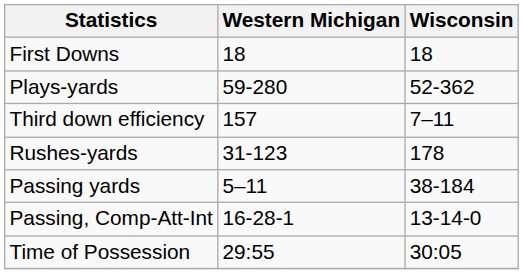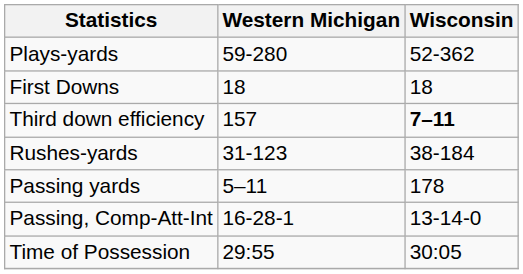 <table class="wikitable">
 <tr>
 <th>Statistics</th>
 <th>Western Michigan</th>
 <th>Wisconsin</th>
 </tr>
 <tr>
+<td>Plays-yards</td>
+<td>59-280</td>
+<td>52-362</td>
+</tr>
+<tr>
 <td>First Downs</td>
 <td>18</td>
 <td>18</td>
 </tr>
 <tr>
-<td>Plays-yards</td>
-<td>59-280</td>
-<td>52-362</td>
-</tr>
-<tr>
 <td>Third down efficiency</td>
 <td>157</td>
-<td>7–11</td>
+<td><strong>7–11</strong></td>
 </tr>
 <tr>
 <td>Rushes-yards</td>
 <td>31-123</td>
-<td>178</td>
+<td>38-184</td>
 </tr>
 <tr>
 <td>Passing yards</td>
 <td>5–11</td>
-<td>38-184</td>
+<td>178</td>
 </tr>
 <tr>
 <td>Passing, Comp-Att-Int</td>
 <td>16-28-1</td>
 <td>13-14-0</td>
 </tr>
 <tr>
 <td>Time of Possession</td>
 <td>29:55</td>
 <td>30:05</td>
 </tr>
 <tr>
 </tr>
 </table>
